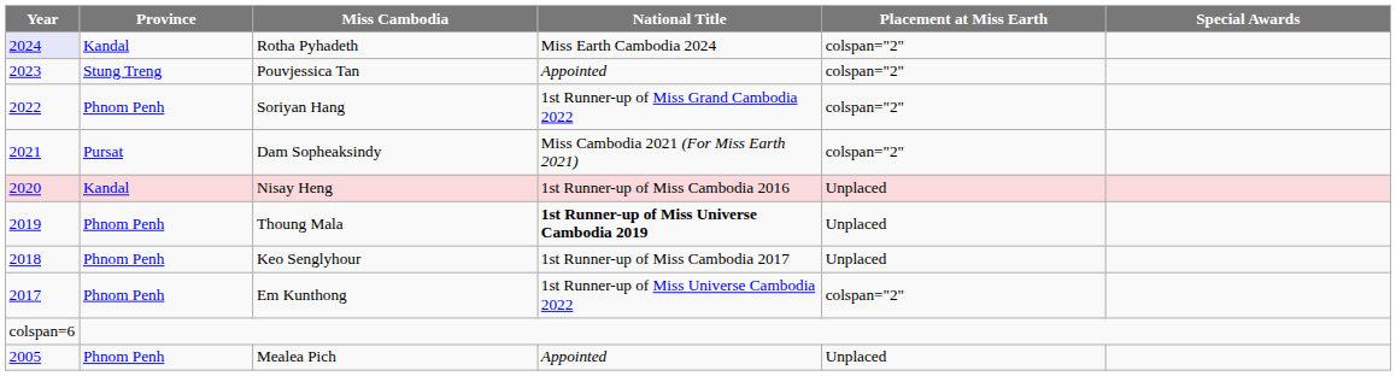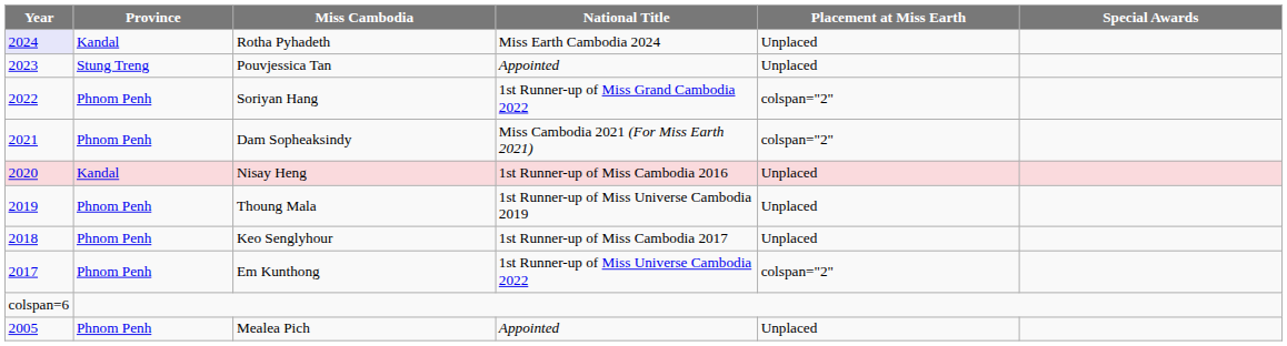 <table class="wikitable " style="font-size: 90%;">
 <tr>
 <th width="60" style="background-color:#787878;color:#FFFFFF;">Year</th>
 <th width="150" style="background-color:#787878;color:#FFFFFF;">Province</th>
 <th width="250" style="background-color:#787878;color:#FFFFFF;">Miss Cambodia</th>
 <th width="250" style="background-color:#787878;color:#FFFFFF;">National Title</th>
 <th width="250" style="background-color:#787878;color:#FFFFFF;">Placement at Miss Earth</th>
 <th width="250" style="background-color:#787878;color:#FFFFFF;">Special Awards</th>
 </tr>
 <tr>
 <td style="background: lavender;"><a href='#'>2024</a></td>
 <td><a href='#'>Kandal</a></td>
 <td>Rotha Pyhadeth</td>
 <td>Miss Earth Cambodia 2024</td>
-<td>colspan="2" </td>
+<td>Unplaced</td>
 <td></td>
 </tr>
 <tr>
 <td><a href='#'>2023</a></td>
 <td><a href='#'>Stung Treng</a></td>
 <td>Pouvjessica Tan</td>
 <td><em>Appointed</em></td>
-<td>colspan="2" </td>
+<td>Unplaced</td>
 <td></td>
 </tr>
 <tr>
 <td><a href='#'>2022</a></td>
 <td><a href='#'>Phnom Penh</a></td>
 <td>Soriyan Hang</td>
 <td>1st Runner-up of <a href='#'>Miss Grand Cambodia 2022</a></td>
 <td>colspan="2" </td>
 </tr>
 <tr>
 <td><a href='#'>2021</a></td>
-<td><a href='#'>Pursat</a></td>
+<td><a href='#'>Phnom Penh</a></td>
 <td>Dam Sopheaksindy</td>
 <td>Miss Cambodia 2021 <em>(For Miss Earth 2021)</em></td>
 <td>colspan="2" </td>
 <td></td>
 </tr>
 <tr style="background-color:#FADADD">
 <td><a href='#'>2020</a></td>
 <td><a href='#'>Kandal</a></td>
 <td>Nisay Heng</td>
 <td>1st Runner-up of Miss Cambodia 2016</td>
 <td>Unplaced</td>
 <td style="background:;"></td>
 </tr>
 <tr>
 <td><a href='#'>2019</a></td>
 <td><a href='#'>Phnom Penh</a></td>
 <td>Thoung Mala</td>
-<td><strong>1st Runner-up of Miss Universe Cambodia 2019</strong></td>
+<td>1st Runner-up of Miss Universe Cambodia 2019</td>
 <td>Unplaced</td>
 <td></td>
 </tr>
 <tr>
 <td><a href='#'>2018</a></td>
 <td><a href='#'>Phnom Penh</a></td>
 <td>Keo Senglyhour</td>
 <td>1st Runner-up of Miss Cambodia 2017</td>
 <td>Unplaced</td>
 <td></td>
 </tr>
 <tr>
 <td><a href='#'>2017</a></td>
 <td><a href='#'>Phnom Penh</a></td>
 <td>Em Kunthong</td>
 <td>1st Runner-up of <a href='#'>Miss Universe Cambodia 2022</a></td>
 <td>colspan="2" </td>
 <td></td>
 </tr>
 <tr>
 <td>colspan=6 </td>
 </tr>
 <tr>
 <td><a href='#'>2005</a></td>
 <td><a href='#'>Phnom Penh</a></td>
 <td>Mealea Pich</td>
 <td><em>Appointed</em></td>
 <td>Unplaced</td>
 <td></td>
 </tr>
 </table>
